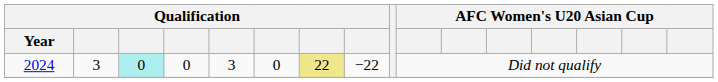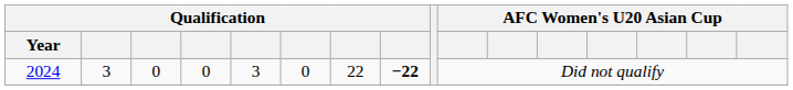 <table class="wikitable" style="text-align: center;">
 <tr>
 <th colspan=8>Qualification</th>
 <th style="width:1%;" rowspan="22"></th>
 <th colspan=7>AFC Women's U20 Asian Cup</th>
 </tr>
 <tr>
 <th width=50>Year</th>
 <th width=30></th>
 <th width=30></th>
 <th width=30></th>
 <th width=30></th>
 <th width=30></th>
 <th width=30></th>
 <th width=30></th>
 <th width=30></th>
 <th width=30></th>
 <th width=30></th>
 <th width=30></th>
 <th width=30></th>
 <th width=30></th>
 <th width=30></th>
 </tr>
 <tr>
 <td> <a href='#'>2024</a></td>
 <td>3</td>
-<td style="background: paleturquoise;">0</td>
+<td>0</td>
 <td>0</td>
 <td>3</td>
 <td>0</td>
-<td style="background: khaki;">22</td>
-<td>−22</td>
+<td>22</td>
+<td><strong>−22</strong></td>
 <td colspan=8><em>Did not qualify</em></td>
 </tr>
 <tr>
 </tr>
 </table>
